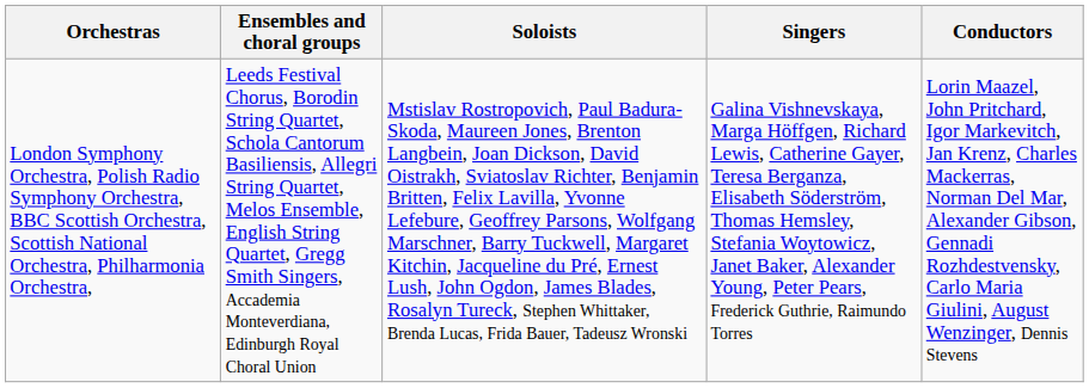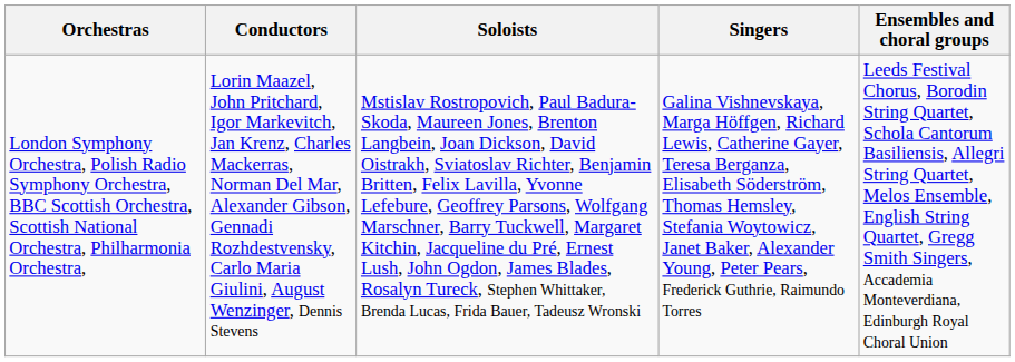 <table class="wikitable toptextcells">
 <tr class="hintergrundfarbe5">
 <th style="width:20%;">Orchestras</th>
-<th style="width:15%;">Ensembles and choral groups</th>
+<th style="width:15%;">Conductors</th>
 <th style="width:30%;">Soloists</th>
 <th style="width:20%;">Singers</th>
-<th style="width:15%;">Conductors</th>
+<th style="width:15%;">Ensembles and choral groups</th>
 </tr>
 <tr>
 <td><a href='#'>London Symphony Orchestra</a>, <a href='#'>Polish Radio Symphony Orchestra</a>, <a href='#'>BBC Scottish Orchestra</a>, <a href='#'>Scottish National Orchestra</a>, <a href='#'>Philharmonia Orchestra</a>,</td>
-<td><a href='#'>Leeds Festival Chorus</a>, <a href='#'>Borodin String Quartet</a>, <a href='#'>Schola Cantorum Basiliensis</a>, <a href='#'>Allegri String Quartet</a>, <a href='#'>Melos Ensemble</a>, <a href='#'>English String Quartet</a>, <a href='#'>Gregg Smith Singers</a>, <small>Accademia Monteverdiana, Edinburgh Royal Choral Union</small></td>
+<td><a href='#'>Lorin Maazel</a>, <a href='#'>John Pritchard</a>, <a href='#'>Igor Markevitch</a>, <a href='#'>Jan Krenz</a>, <a href='#'>Charles Mackerras</a>, <a href='#'>Norman Del Mar</a>, <a href='#'>Alexander Gibson</a>, <a href='#'>Gennadi Rozhdestvensky</a>, <a href='#'>Carlo Maria Giulini</a>, <a href='#'>August Wenzinger</a>, <small>Dennis Stevens</small></td>
 <td><a href='#'>Mstislav Rostropovich</a>, <a href='#'>Paul Badura-Skoda</a>, <a href='#'>Maureen Jones</a>, <a href='#'>Brenton Langbein</a>, <a href='#'>Joan Dickson</a>, <a href='#'>David Oistrakh</a>, <a href='#'>Sviatoslav Richter</a>, <a href='#'>Benjamin Britten</a>, <a href='#'>Felix Lavilla</a>, <a href='#'>Yvonne Lefebure</a>, <a href='#'>Geoffrey Parsons</a>, <a href='#'>Wolfgang Marschner</a>, <a href='#'>Barry Tuckwell</a>, <a href='#'>Margaret Kitchin</a>, <a href='#'>Jacqueline du Pré</a>, <a href='#'>Ernest Lush</a>, <a href='#'>John Ogdon</a>, <a href='#'>James Blades</a>, <a href='#'>Rosalyn Tureck</a>, <small>Stephen Whittaker, Brenda Lucas, Frida Bauer, Tadeusz Wronski</small></td>
 <td><a href='#'>Galina Vishnevskaya</a>, <a href='#'>Marga Höffgen</a>, <a href='#'>Richard Lewis</a>, <a href='#'>Catherine Gayer</a>, <a href='#'>Teresa Berganza</a>, <a href='#'>Elisabeth Söderström</a>, <a href='#'>Thomas Hemsley</a>, <a href='#'>Stefania Woytowicz</a>, <a href='#'>Janet Baker</a>, <a href='#'>Alexander Young</a>, <a href='#'>Peter Pears</a>, <small>Frederick Guthrie, Raimundo Torres</small></td>
-<td><a href='#'>Lorin Maazel</a>, <a href='#'>John Pritchard</a>, <a href='#'>Igor Markevitch</a>, <a href='#'>Jan Krenz</a>, <a href='#'>Charles Mackerras</a>, <a href='#'>Norman Del Mar</a>, <a href='#'>Alexander Gibson</a>, <a href='#'>Gennadi Rozhdestvensky</a>, <a href='#'>Carlo Maria Giulini</a>, <a href='#'>August Wenzinger</a>, <small>Dennis Stevens</small></td>
+<td><a href='#'>Leeds Festival Chorus</a>, <a href='#'>Borodin String Quartet</a>, <a href='#'>Schola Cantorum Basiliensis</a>, <a href='#'>Allegri String Quartet</a>, <a href='#'>Melos Ensemble</a>, <a href='#'>English String Quartet</a>, <a href='#'>Gregg Smith Singers</a>, <small>Accademia Monteverdiana, Edinburgh Royal Choral Union</small></td>
 </tr>
 </table>
